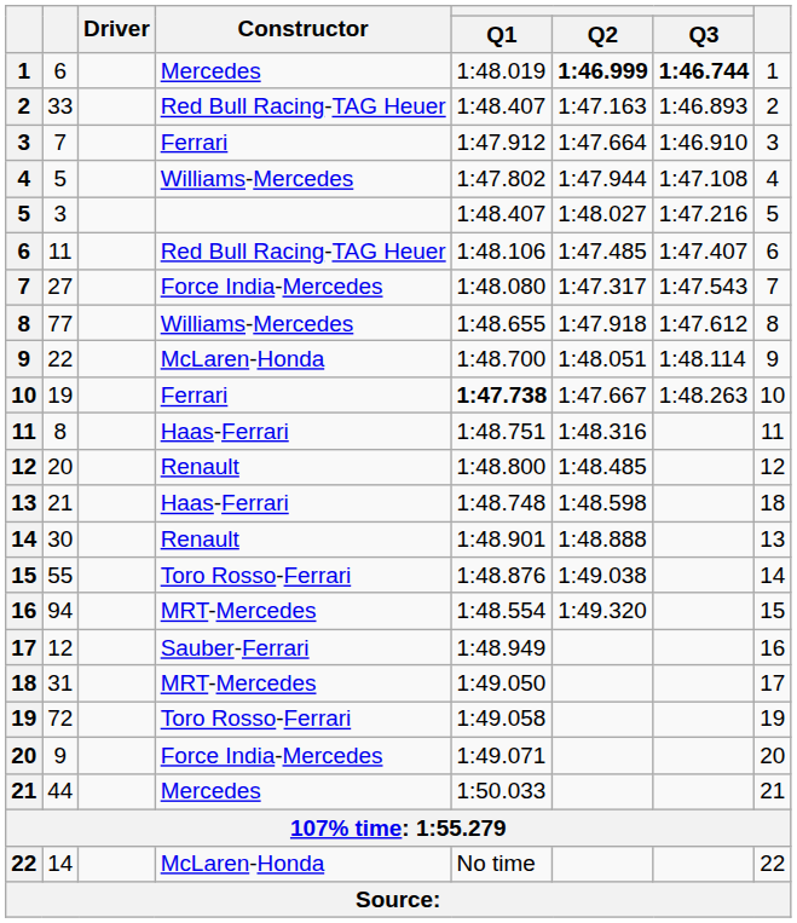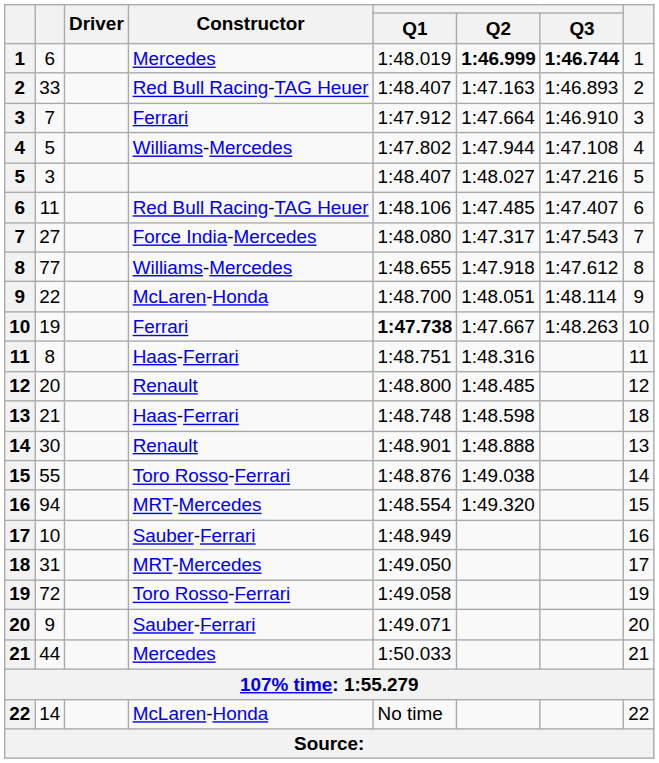 <table class="wikitable sortable" style="font-size: 85%;">
 <tr>
 <th rowspan="2"></th>
 <th rowspan="2"></th>
 <th rowspan="2">Driver</th>
 <th rowspan="2">Constructor</th>
 <th colspan="3"></th>
 <th rowspan="2"></th>
 </tr>
 <tr>
 <th>Q1</th>
 <th>Q2</th>
 <th>Q3</th>
 </tr>
 <tr>
 <th>1</th>
 <td align="center">6</td>
 <td></td>
 <td><a href='#'>Mercedes</a></td>
 <td>1:48.019</td>
 <td><strong>1:46.999</strong></td>
 <td><strong>1:46.744</strong></td>
 <td align="center">1</td>
 </tr>
 <tr>
 <th>2</th>
 <td align="center">33</td>
 <td></td>
 <td><a href='#'>Red Bull Racing</a>-<a href='#'>TAG Heuer</a></td>
 <td>1:48.407</td>
 <td>1:47.163</td>
 <td>1:46.893</td>
 <td align="center">2</td>
 </tr>
 <tr>
 <th>3</th>
 <td align="center">7</td>
 <td></td>
 <td><a href='#'>Ferrari</a></td>
 <td>1:47.912</td>
 <td>1:47.664</td>
 <td>1:46.910</td>
 <td align="center">3</td>
 </tr>
 <tr>
 <th>4</th>
 <td align="center">5</td>
 <td></td>
 <td><a href='#'>Williams</a>-<a href='#'>Mercedes</a></td>
 <td>1:47.802</td>
 <td>1:47.944</td>
 <td>1:47.108</td>
 <td align="center">4</td>
 </tr>
 <tr>
 <th>5</th>
 <td align="center">3</td>
 <td></td>
 <td></td>
 <td>1:48.407</td>
 <td>1:48.027</td>
 <td>1:47.216</td>
 <td align="center">5</td>
 </tr>
 <tr>
 <th>6</th>
 <td align="center">11</td>
 <td></td>
 <td><a href='#'>Red Bull Racing</a>-<a href='#'>TAG Heuer</a></td>
 <td>1:48.106</td>
 <td>1:47.485</td>
 <td>1:47.407</td>
 <td align="center">6</td>
 </tr>
 <tr>
 <th>7</th>
 <td align="center">27</td>
 <td></td>
 <td><a href='#'>Force India</a>-<a href='#'>Mercedes</a></td>
 <td>1:48.080</td>
 <td>1:47.317</td>
 <td>1:47.543</td>
 <td align="center">7</td>
 </tr>
 <tr>
 <th>8</th>
 <td align="center">77</td>
 <td></td>
 <td><a href='#'>Williams</a>-<a href='#'>Mercedes</a></td>
 <td>1:48.655</td>
 <td>1:47.918</td>
 <td>1:47.612</td>
 <td align="center">8</td>
 </tr>
 <tr>
 <th>9</th>
 <td align="center">22</td>
 <td></td>
 <td><a href='#'>McLaren</a>-<a href='#'>Honda</a></td>
 <td>1:48.700</td>
 <td>1:48.051</td>
 <td>1:48.114</td>
 <td align="center">9</td>
 </tr>
 <tr>
 <th>10</th>
 <td align="center">19</td>
 <td></td>
 <td><a href='#'>Ferrari</a></td>
 <td><strong>1:47.738</strong></td>
 <td>1:47.667</td>
 <td>1:48.263</td>
 <td align="center">10</td>
 </tr>
 <tr>
 <th>11</th>
 <td align="center">8</td>
 <td></td>
 <td><a href='#'>Haas</a>-<a href='#'>Ferrari</a></td>
 <td>1:48.751</td>
 <td>1:48.316</td>
 <td></td>
 <td align="center">11</td>
 </tr>
 <tr>
 <th>12</th>
 <td align="center">20</td>
 <td></td>
 <td><a href='#'>Renault</a></td>
 <td>1:48.800</td>
 <td>1:48.485</td>
 <td></td>
 <td align="center">12</td>
 </tr>
 <tr>
 <th>13</th>
 <td align="center">21</td>
 <td></td>
 <td><a href='#'>Haas</a>-<a href='#'>Ferrari</a></td>
 <td>1:48.748</td>
 <td>1:48.598</td>
 <td></td>
 <td align="center">18</td>
 </tr>
 <tr>
 <th>14</th>
 <td align="center">30</td>
 <td></td>
 <td><a href='#'>Renault</a></td>
 <td>1:48.901</td>
 <td>1:48.888</td>
 <td></td>
 <td align="center">13</td>
 </tr>
 <tr>
 <th>15</th>
 <td align="center">55</td>
 <td></td>
 <td><a href='#'>Toro Rosso</a>-<a href='#'>Ferrari</a></td>
 <td>1:48.876</td>
 <td>1:49.038</td>
 <td></td>
 <td align="center">14</td>
 </tr>
 <tr>
 <th>16</th>
 <td align="center">94</td>
 <td></td>
 <td><a href='#'>MRT</a>-<a href='#'>Mercedes</a></td>
 <td>1:48.554</td>
 <td>1:49.320</td>
 <td></td>
 <td align="center">15</td>
 </tr>
 <tr>
 <th>17</th>
-<td align="center">12</td>
+<td align="center">10</td>
 <td></td>
 <td><a href='#'>Sauber</a>-<a href='#'>Ferrari</a></td>
 <td>1:48.949</td>
 <td></td>
 <td></td>
 <td align="center">16</td>
 </tr>
 <tr>
 <th>18</th>
 <td align="center">31</td>
 <td></td>
 <td><a href='#'>MRT</a>-<a href='#'>Mercedes</a></td>
 <td>1:49.050</td>
 <td></td>
 <td></td>
 <td align="center">17</td>
 </tr>
 <tr>
 <th>19</th>
 <td align="center">72</td>
 <td></td>
 <td><a href='#'>Toro Rosso</a>-<a href='#'>Ferrari</a></td>
 <td>1:49.058</td>
 <td></td>
 <td></td>
 <td align="center">19</td>
 </tr>
 <tr>
 <th>20</th>
 <td align="center">9</td>
 <td></td>
-<td><a href='#'>Force India</a>-<a href='#'>Mercedes</a></td>
+<td><a href='#'>Sauber</a>-<a href='#'>Ferrari</a></td>
 <td>1:49.071</td>
 <td></td>
 <td></td>
 <td align="center">20</td>
 </tr>
 <tr>
 <th>21</th>
 <td align="center">44</td>
 <td></td>
 <td><a href='#'>Mercedes</a></td>
 <td>1:50.033</td>
 <td></td>
 <td></td>
 <td align="center">21</td>
 </tr>
 <tr>
 <th colspan="8"><a href='#'>107% time</a>: 1:55.279</th>
 </tr>
 <tr>
 <th>22</th>
 <td align="center">14</td>
 <td></td>
 <td><a href='#'>McLaren</a>-<a href='#'>Honda</a></td>
 <td>No time</td>
 <td></td>
 <td></td>
 <td align="center">22</td>
 </tr>
 <tr>
 <th colspan="8">Source:</th>
 </tr>
 </table>
